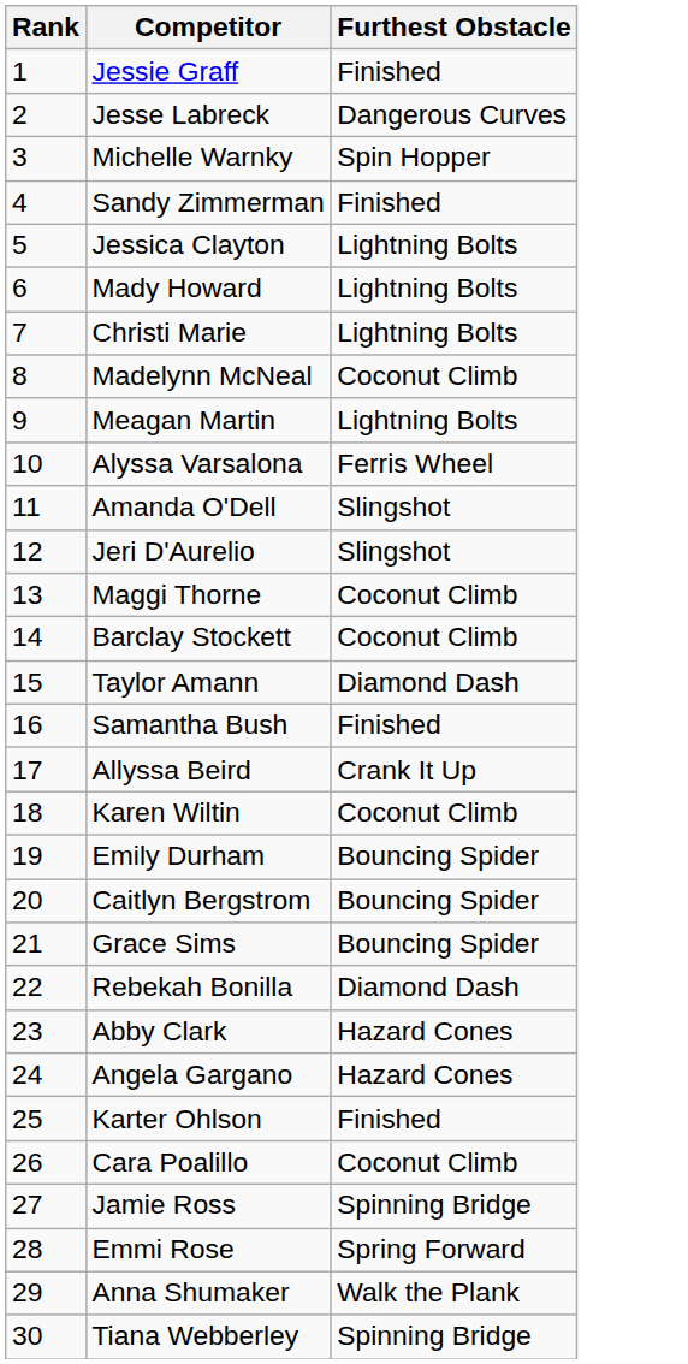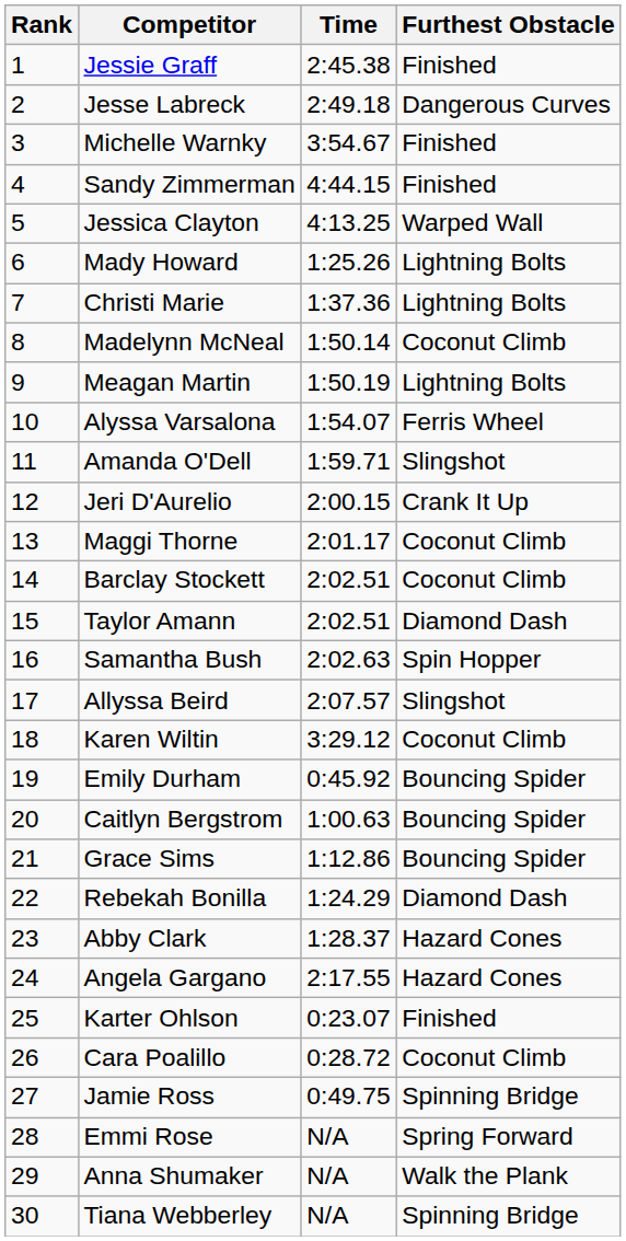 <table class="wikitable sortable">
 <tr>
 <th>Rank</th>
 <th>Competitor</th>
+<th>Time</th>
 <th>Furthest Obstacle</th>
 </tr>
 <tr>
 <td>1</td>
 <td><a href='#'>Jessie Graff</a></td>
+<td>2:45.38</td>
 <td>Finished</td>
 </tr>
 <tr>
 <td>2</td>
 <td>Jesse Labreck</td>
+<td>2:49.18</td>
 <td>Dangerous Curves</td>
 </tr>
 <tr>
 <td>3</td>
 <td>Michelle Warnky</td>
-<td>Spin Hopper</td>
+<td>3:54.67</td>
+<td>Finished</td>
 </tr>
 <tr>
 <td>4</td>
 <td>Sandy Zimmerman</td>
+<td>4:44.15</td>
 <td>Finished</td>
 </tr>
 <tr>
 <td>5</td>
 <td>Jessica Clayton</td>
-<td>Lightning Bolts</td>
+<td>4:13.25</td>
+<td>Warped Wall</td>
 </tr>
 <tr>
 <td>6</td>
 <td>Mady Howard</td>
+<td>1:25.26</td>
 <td>Lightning Bolts</td>
 </tr>
 <tr>
 <td>7</td>
 <td>Christi Marie</td>
+<td>1:37.36</td>
 <td>Lightning Bolts</td>
 </tr>
 <tr>
 <td>8</td>
 <td>Madelynn McNeal</td>
+<td>1:50.14</td>
 <td>Coconut Climb</td>
 </tr>
 <tr>
 <td>9</td>
 <td>Meagan Martin</td>
+<td>1:50.19</td>
 <td>Lightning Bolts</td>
 </tr>
 <tr>
 <td>10</td>
 <td>Alyssa Varsalona</td>
+<td>1:54.07</td>
 <td>Ferris Wheel</td>
 </tr>
 <tr>
 <td>11</td>
 <td>Amanda O'Dell</td>
+<td>1:59.71</td>
 <td>Slingshot</td>
 </tr>
 <tr>
 <td>12</td>
 <td>Jeri D'Aurelio</td>
-<td>Slingshot</td>
+<td>2:00.15</td>
+<td>Crank It Up</td>
 </tr>
 <tr>
 <td>13</td>
 <td>Maggi Thorne</td>
+<td>2:01.17</td>
 <td>Coconut Climb</td>
 </tr>
 <tr>
 <td>14</td>
 <td>Barclay Stockett</td>
+<td>2:02.51</td>
 <td>Coconut Climb</td>
 </tr>
 <tr>
 <td>15</td>
 <td>Taylor Amann</td>
+<td>2:02.51</td>
 <td>Diamond Dash</td>
 </tr>
 <tr>
 <td>16</td>
 <td>Samantha Bush</td>
-<td>Finished</td>
+<td>2:02.63</td>
+<td>Spin Hopper</td>
 </tr>
 <tr>
 <td>17</td>
 <td>Allyssa Beird</td>
-<td>Crank It Up</td>
+<td>2:07.57</td>
+<td>Slingshot</td>
 </tr>
 <tr>
 <td>18</td>
 <td>Karen Wiltin</td>
+<td>3:29.12</td>
 <td>Coconut Climb</td>
 </tr>
 <tr>
 <td>19</td>
 <td>Emily Durham</td>
+<td>0:45.92</td>
 <td>Bouncing Spider</td>
 </tr>
 <tr>
 <td>20</td>
 <td>Caitlyn Bergstrom</td>
+<td>1:00.63</td>
 <td>Bouncing Spider</td>
 </tr>
 <tr>
 <td>21</td>
 <td>Grace Sims</td>
+<td>1:12.86</td>
 <td>Bouncing Spider</td>
 </tr>
 <tr>
 <td>22</td>
 <td>Rebekah Bonilla</td>
+<td>1:24.29</td>
 <td>Diamond Dash</td>
 </tr>
 <tr>
 <td>23</td>
 <td>Abby Clark</td>
+<td>1:28.37</td>
 <td>Hazard Cones</td>
 </tr>
 <tr>
 <td>24</td>
 <td>Angela Gargano</td>
+<td>2:17.55</td>
 <td>Hazard Cones</td>
 </tr>
 <tr>
 <td>25</td>
 <td>Karter Ohlson</td>
+<td>0:23.07</td>
 <td>Finished</td>
 </tr>
 <tr>
 <td>26</td>
 <td>Cara Poalillo</td>
+<td>0:28.72</td>
 <td>Coconut Climb</td>
 </tr>
 <tr>
 <td>27</td>
 <td>Jamie Ross</td>
+<td>0:49.75</td>
 <td>Spinning Bridge</td>
 </tr>
 <tr>
 <td>28</td>
 <td>Emmi Rose</td>
+<td>N/A</td>
 <td>Spring Forward</td>
 </tr>
 <tr>
 <td>29</td>
 <td>Anna Shumaker</td>
+<td>N/A</td>
 <td>Walk the Plank</td>
 </tr>
 <tr>
 <td>30</td>
 <td>Tiana Webberley</td>
+<td>N/A</td>
 <td>Spinning Bridge</td>
 </tr>
 </table>
